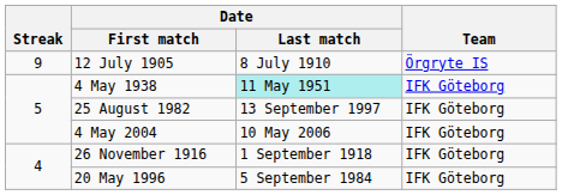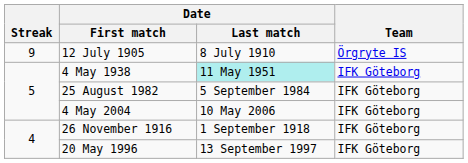 <table class="wikitable" style="font-size:90%">
 <tr>
 <th rowspan="2" valign="bottom" width="50">Streak</th>
 <th colspan="2">Date</th>
 <th rowspan="2" valign="bottom" width="125">Team</th>
 </tr>
 <tr>
 <th width="135">First match</th>
 <th width="135">Last match</th>
 </tr>
 <tr>
 <td align="center">9</td>
 <td>12 July 1905</td>
 <td>8 July 1910</td>
 <td><a href='#'>Örgryte IS</a></td>
 </tr>
 <tr>
 <td rowspan="3" align="center">5</td>
 <td>4 May 1938</td>
 <td style="background: paleturquoise;">11 May 1951</td>
 <td><a href='#'>IFK Göteborg</a></td>
 </tr>
 <tr>
 <td>25 August 1982</td>
-<td>13 September 1997</td>
+<td>5 September 1984</td>
 <td>IFK Göteborg</td>
 </tr>
 <tr>
 <td>4 May 2004</td>
 <td>10 May 2006</td>
 <td>IFK Göteborg</td>
 </tr>
 <tr>
 <td rowspan="2" align="center">4</td>
 <td>26 November 1916</td>
 <td>1 September 1918</td>
 <td>IFK Göteborg</td>
 </tr>
 <tr>
 <td>20 May 1996</td>
-<td>5 September 1984</td>
+<td>13 September 1997</td>
 <td>IFK Göteborg</td>
 </tr>
 </table>
